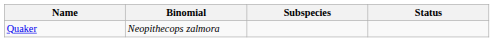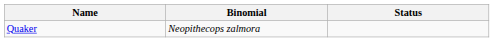 <table width=60% class="wikitable">
 <tr>
 <th width=20%>Name</th>
 <th width=20%>Binomial</th>
-<th width=20%>Subspecies</th>
 <th width=20%>Status</th>
 </tr>
 <tr>
 <td><a href='#'>Quaker</a><br>  </td>
 <td><em>Neopithecops zalmora</em></td>
 <td></td>
-<td></td>
 </tr>
 </table>
